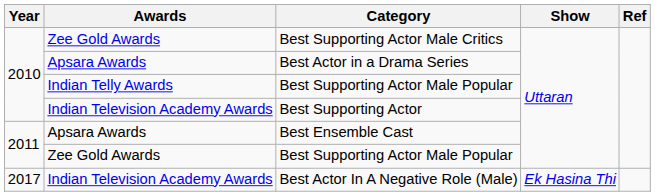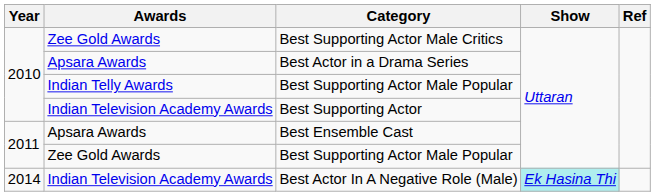 <table class="wikitable">
 <tr>
 <th>Year</th>
 <th>Awards</th>
 <th>Category</th>
 <th>Show</th>
 <th>Ref</th>
 </tr>
 <tr>
 <td rowspan="4">2010</td>
 <td><a href='#'>Zee Gold Awards</a></td>
 <td>Best Supporting Actor Male Critics</td>
 <td rowspan="6"><em><a href='#'>Uttaran</a></em></td>
 <td rowspan="6"></td>
 </tr>
 <tr>
 <td><a href='#'>Apsara Awards</a></td>
 <td>Best Actor in a Drama Series</td>
 </tr>
 <tr>
 <td><a href='#'>Indian Telly Awards</a></td>
 <td>Best Supporting Actor Male Popular</td>
 </tr>
 <tr>
 <td><a href='#'>Indian Television Academy Awards</a></td>
 <td>Best Supporting Actor</td>
 </tr>
 <tr>
 <td rowspan="2">2011</td>
 <td>Apsara Awards</td>
 <td>Best Ensemble Cast</td>
 </tr>
 <tr>
 <td>Zee Gold Awards</td>
 <td>Best Supporting Actor Male Popular</td>
 </tr>
 <tr>
-<td>2017</td>
+<td>2014</td>
 <td><a href='#'>Indian Television Academy Awards</a></td>
 <td>Best Actor In A Negative Role (Male)</td>
-<td><em><a href='#'>Ek Hasina Thi</a></em></td>
+<td style="background: paleturquoise;"><em><a href='#'>Ek Hasina Thi</a></em></td>
 <td></td>
 </tr>
 </table>
